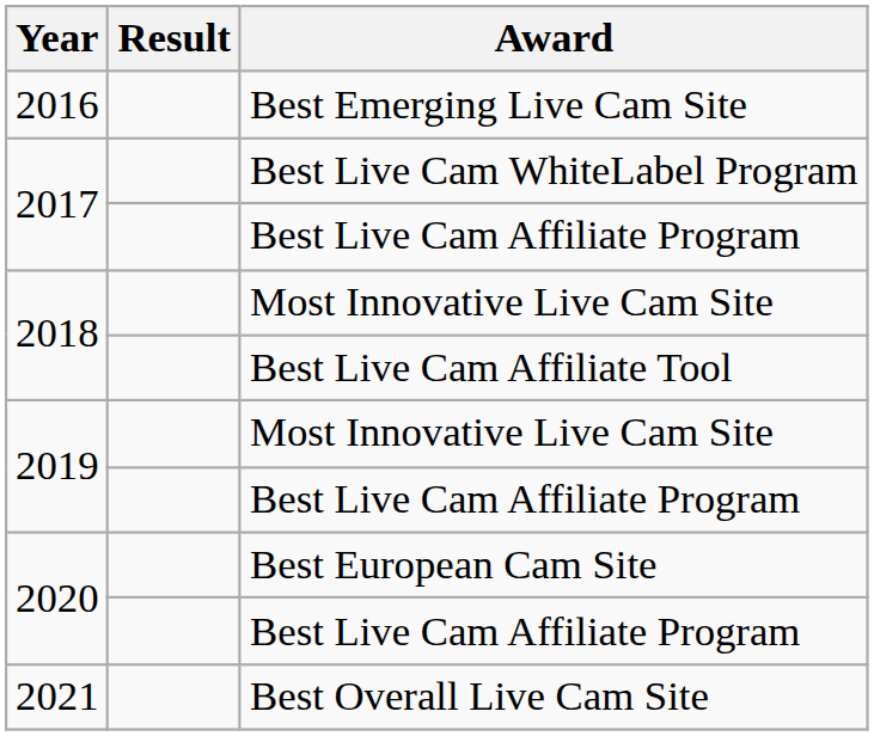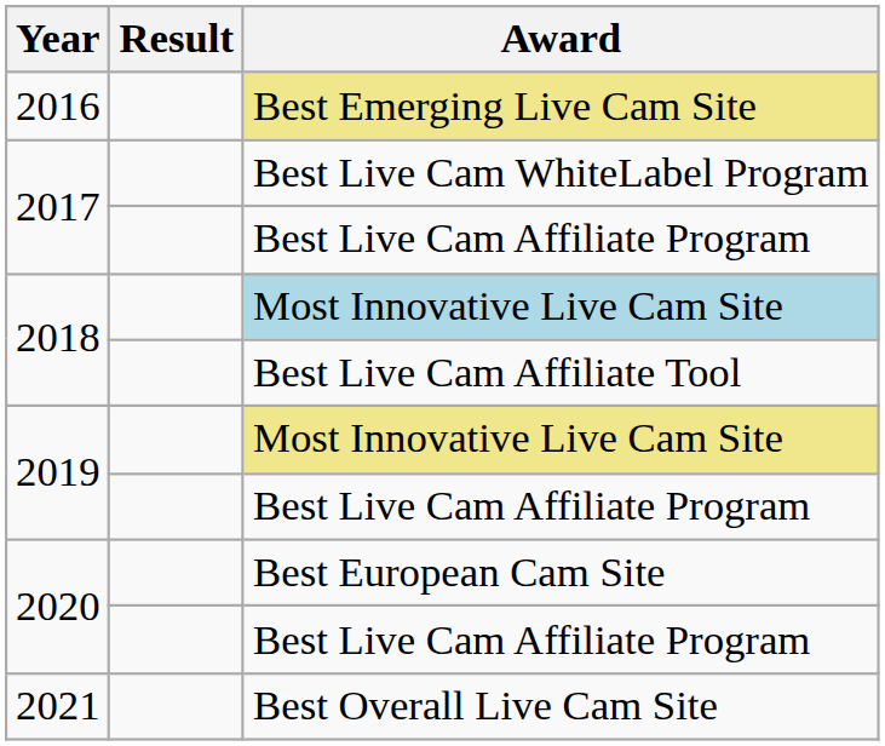 <table class="wikitable">
 <tr>
 <th>Year</th>
 <th>Result</th>
 <th>Award</th>
 </tr>
 <tr>
 <td>2016</td>
 <td></td>
-<td>Best Emerging Live Cam Site</td>
+<td style="background: khaki;">Best Emerging Live Cam Site</td>
 </tr>
 <tr>
 <td rowspan="2">2017</td>
 <td></td>
 <td>Best Live Cam WhiteLabel Program</td>
 </tr>
 <tr>
 <td></td>
 <td>Best Live Cam Affiliate Program</td>
 </tr>
 <tr>
 <td rowspan="2" 2018>2018</td>
 <td></td>
-<td>Most Innovative Live Cam Site</td>
+<td style="background: lightblue;">Most Innovative Live Cam Site</td>
 </tr>
 <tr>
 <td></td>
 <td>Best Live Cam Affiliate Tool</td>
 </tr>
 <tr>
 <td rowspan="2" 2019>2019</td>
 <td></td>
-<td>Most Innovative Live Cam Site</td>
+<td style="background: khaki;">Most Innovative Live Cam Site</td>
 </tr>
 <tr>
 <td></td>
 <td>Best Live Cam Affiliate Program</td>
 </tr>
 <tr>
 <td rowspan="2" 2020>2020</td>
 <td></td>
 <td>Best European Cam Site</td>
 </tr>
 <tr>
 <td></td>
 <td>Best Live Cam Affiliate Program</td>
 </tr>
 <tr>
 <td 2021>2021</td>
 <td></td>
 <td>Best Overall Live Cam Site</td>
 </tr>
 </table>
